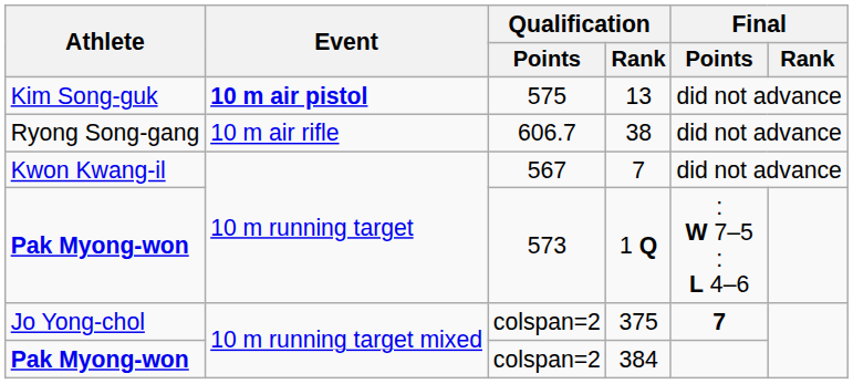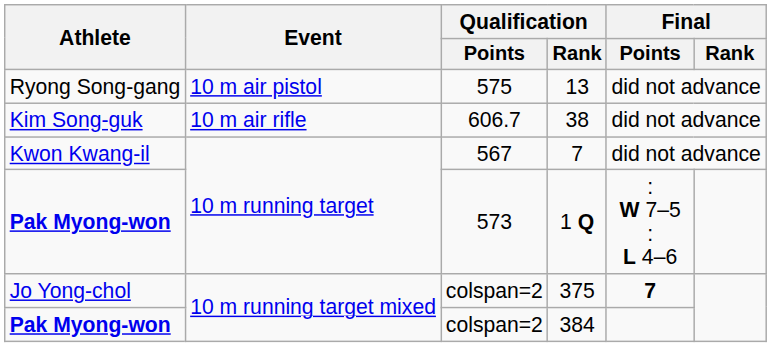 <table class=wikitable style=font-size:90%;text-align:center>
 <tr>
 <th rowspan="2">Athlete</th>
 <th rowspan="2">Event</th>
 <th colspan=2>Qualification</th>
 <th colspan=2>Final</th>
 </tr>
 <tr style="font-size:95%">
 <th>Points</th>
 <th>Rank</th>
 <th>Points</th>
 <th>Rank</th>
 </tr>
 <tr>
-<td align=left><a href='#'>Kim Song-guk</a></td>
-<td align=left><strong><a href='#'>10 m air pistol</a></strong></td>
+<td align=left>Ryong Song-gang</td>
+<td align=left><a href='#'>10 m air pistol</a></td>
 <td>575</td>
 <td>13</td>
 <td colspan=2>did not advance</td>
 </tr>
 <tr>
-<td align=left>Ryong Song-gang</td>
+<td align=left><a href='#'>Kim Song-guk</a></td>
 <td align=left><a href='#'>10 m air rifle</a></td>
 <td>606.7</td>
 <td>38</td>
 <td colspan=2>did not advance</td>
 </tr>
 <tr>
 <td align=left><a href='#'>Kwon Kwang-il</a></td>
 <td align=left rowspan=2><a href='#'>10 m running target</a></td>
 <td>567</td>
 <td>7</td>
 <td colspan=2>did not advance</td>
 </tr>
 <tr>
 <td align=left><strong><a href='#'>Pak Myong-won</a></strong></td>
 <td>573</td>
 <td>1 <strong>Q</strong></td>
 <td><strong></strong>: <br><strong>W</strong> 7–5<br><strong></strong>: <br><strong>L</strong> 4–6</td>
 <td></td>
 </tr>
 <tr>
 <td align=left><a href='#'>Jo Yong-chol</a></td>
 <td align=left rowspan=2><a href='#'>10 m running target mixed</a></td>
 <td>colspan=2 </td>
 <td>375</td>
 <td><strong>7</strong></td>
 </tr>
 <tr>
 <td align=left><strong><a href='#'>Pak Myong-won</a></strong></td>
 <td>colspan=2 </td>
 <td>384</td>
 <td></td>
 </tr>
 </table>
